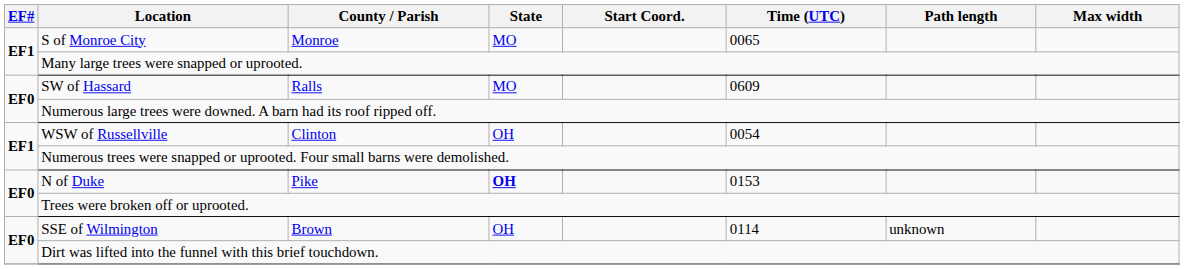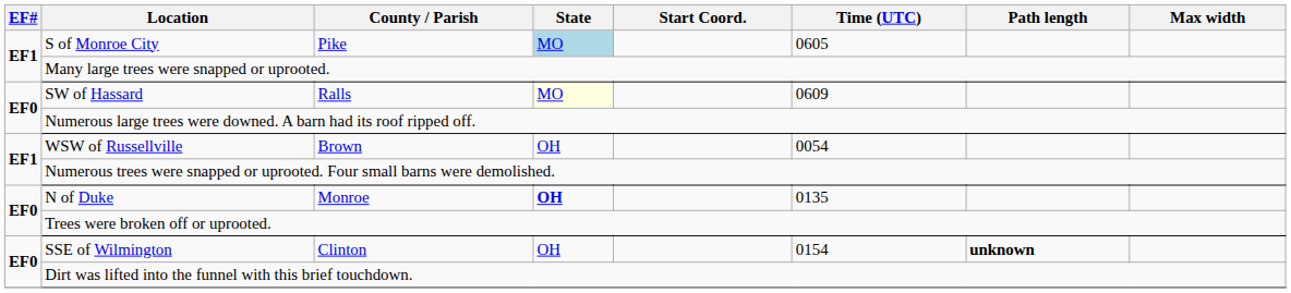 <table class="wikitable sortable" style="width:100%;">
 <tr>
 <th scope="col" width="2%" align="center"><a href='#'>EF#</a></th>
 <th scope="col" align="center" class="unsortable">Location</th>
 <th scope="col" align="center" class="unsortable">County / Parish</th>
 <th scope="col" align="center">State</th>
 <th scope="col" align="center" data-sort-type="number">Start Coord.</th>
 <th scope="col" align="center" data-sort-type="number">Time (<a href='#'>UTC</a>)</th>
 <th scope="col" align="center" data-sort-type="number">Path length</th>
 <th scope="col" align="center" data-sort-type="number">Max width</th>
 </tr>
 <tr>
 <td rowspan="2" align="center"><strong>EF1</strong></td>
 <td>S of <a href='#'>Monroe City</a></td>
-<td><a href='#'>Monroe</a></td>
-<td><a href='#'>MO</a></td>
+<td><a href='#'>Pike</a></td>
+<td style="background: lightblue;"><a href='#'>MO</a></td>
 <td></td>
-<td>0065</td>
+<td>0605</td>
 <td></td>
 <td></td>
 </tr>
 <tr class="expand-child">
 <td colspan="8" style=" border-bottom: 1px solid black;">Many large trees were snapped or uprooted.</td>
 </tr>
 <tr>
 <td rowspan="2" align="center"><strong>EF0</strong></td>
 <td>SW of <a href='#'>Hassard</a></td>
 <td><a href='#'>Ralls</a></td>
-<td><a href='#'>MO</a></td>
+<td style="background: lightyellow;"><a href='#'>MO</a></td>
 <td></td>
 <td>0609</td>
 <td></td>
 <td></td>
 </tr>
 <tr class="expand-child">
 <td colspan="8" style=" border-bottom: 1px solid black;">Numerous large trees were downed. A barn had its roof ripped off.</td>
 </tr>
 <tr>
 <td rowspan="2" align="center"><strong>EF1</strong></td>
 <td>WSW of <a href='#'>Russellville</a></td>
-<td><a href='#'>Clinton</a></td>
+<td><a href='#'>Brown</a></td>
 <td><a href='#'>OH</a></td>
 <td></td>
 <td>0054</td>
 <td></td>
 <td></td>
 </tr>
 <tr class="expand-child">
 <td colspan="8" style=" border-bottom: 1px solid black;">Numerous trees were snapped or uprooted. Four small barns were demolished.</td>
 </tr>
 <tr>
 <td rowspan="2" align="center"><strong>EF0</strong></td>
 <td>N of <a href='#'>Duke</a></td>
-<td><a href='#'>Pike</a></td>
+<td><a href='#'>Monroe</a></td>
 <td><strong><a href='#'>OH</a></strong></td>
 <td></td>
-<td>0153</td>
+<td>0135</td>
 <td></td>
 <td></td>
 </tr>
 <tr class="expand-child">
 <td colspan="8" style=" border-bottom: 1px solid black;">Trees were broken off or uprooted.</td>
 </tr>
 <tr>
 <td rowspan="2" align="center"><strong>EF0</strong></td>
 <td>SSE of <a href='#'>Wilmington</a></td>
-<td><a href='#'>Brown</a></td>
+<td><a href='#'>Clinton</a></td>
 <td><a href='#'>OH</a></td>
 <td></td>
-<td>0114</td>
-<td>unknown</td>
+<td>0154</td>
+<td><strong>unknown</strong></td>
 <td></td>
 </tr>
 <tr class="expand-child">
 <td colspan="8" style=" border-bottom: 1px solid black;">Dirt was lifted into the funnel with this brief touchdown.</td>
 </tr>
 <tr>
 </tr>
 </table>
